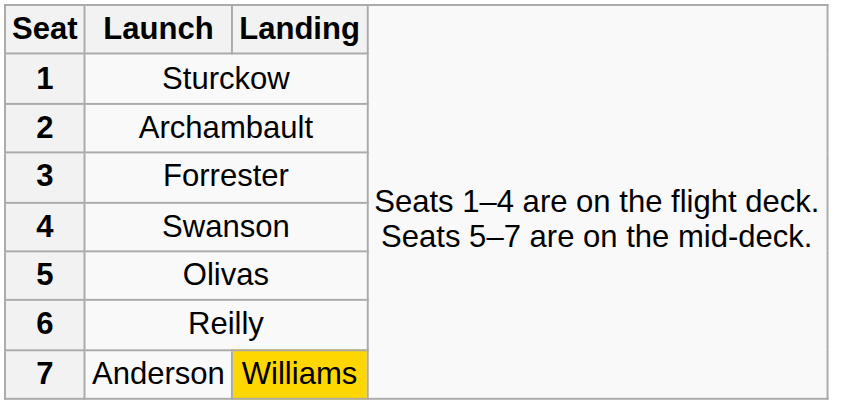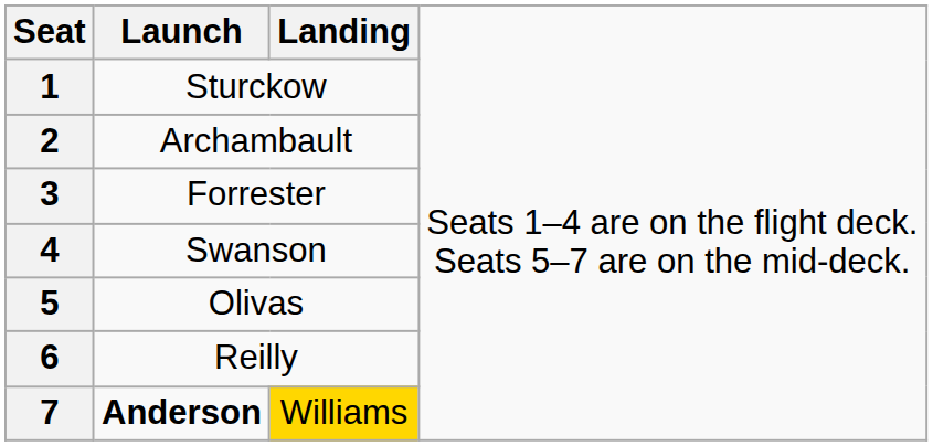 <table class="wikitable" style="text-align:center">
 <tr>
 <th>Seat</th>
 <th>Launch</th>
 <th>Landing</th>
 <td rowspan=8><br>Seats 1–4 are on the flight deck.<br>Seats 5–7 are on the mid-deck.</td>
 </tr>
 <tr>
 <th>1</th>
 <td colspan=2>Sturckow</td>
 </tr>
 <tr>
 <th>2</th>
 <td colspan=2>Archambault</td>
 </tr>
 <tr>
 <th>3</th>
 <td colspan=2>Forrester</td>
 </tr>
 <tr>
 <th>4</th>
 <td colspan=2>Swanson</td>
 </tr>
 <tr>
 <th>5</th>
 <td colspan=2>Olivas</td>
 </tr>
 <tr>
 <th>6</th>
 <td colspan=2>Reilly</td>
 </tr>
 <tr>
 <th>7</th>
-<td>Anderson</td>
+<td><strong>Anderson</strong></td>
 <td style="background: gold;">Williams</td>
 </tr>
 </table>
